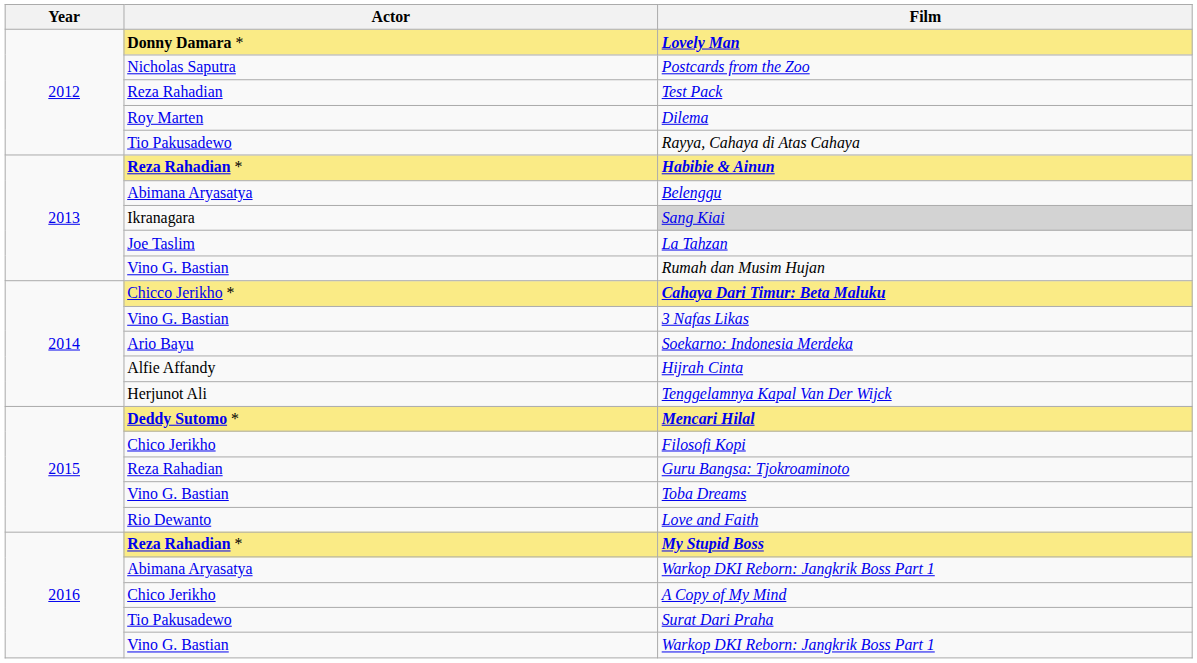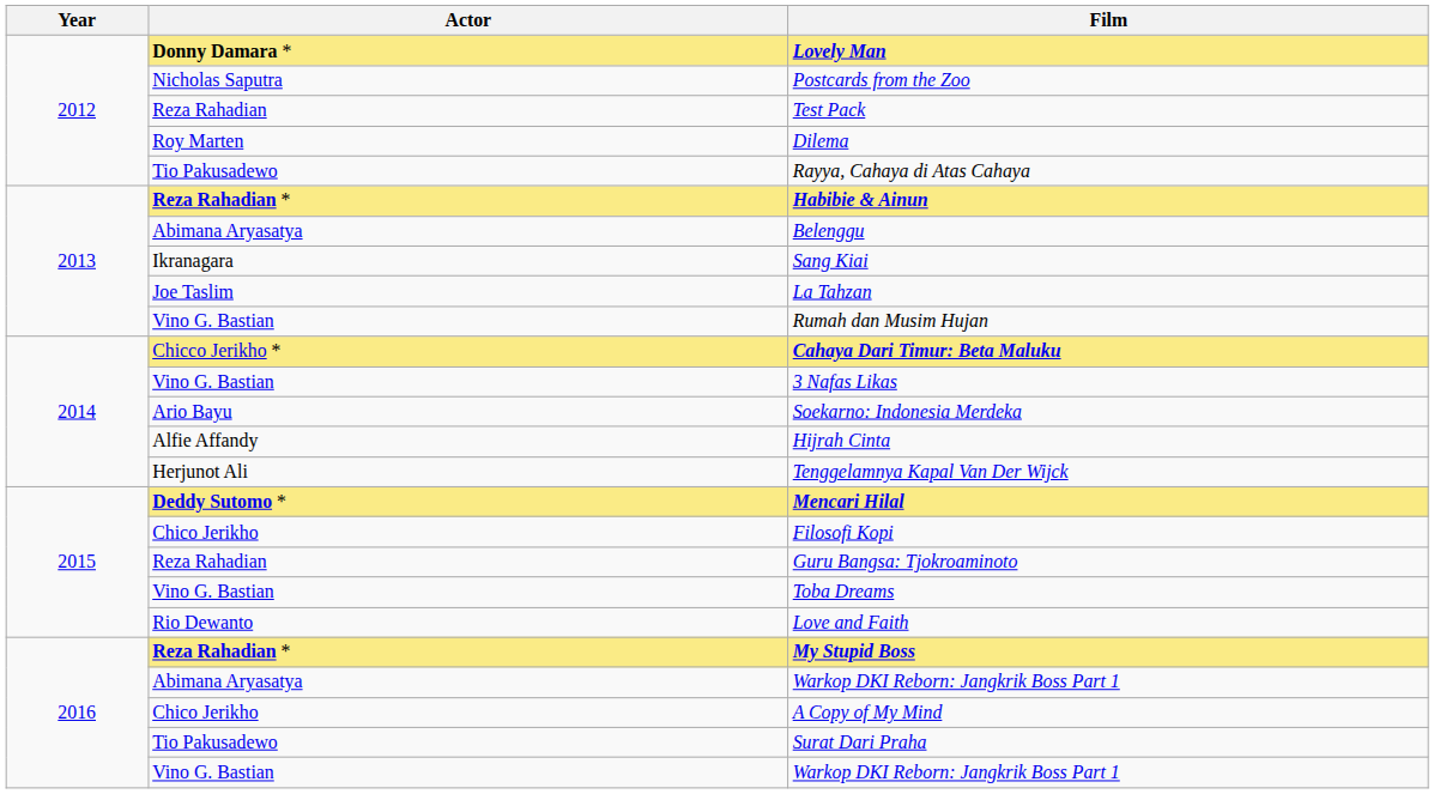 <table class="wikitable" style="width:95%; margin:auto;">
 <tr>
 <th style="width:10%;">Year</th>
 <th style="width:45%;">Actor</th>
 <th style="width:45%;">Film</th>
 </tr>
 <tr>
 <td rowspan="5" style="text-align:center;"><a href='#'>2012</a></td>
 <td style="background:#FAEB86; text-align:left;"><strong>Donny Damara</strong> *</td>
 <td style="background:#FAEB86;"><strong><em><a href='#'>Lovely Man</a></em></strong></td>
 </tr>
 <tr>
 <td style="text-align:left;"><a href='#'>Nicholas Saputra</a></td>
 <td><em><a href='#'>Postcards from the Zoo</a></em></td>
 </tr>
 <tr>
 <td style="text-align:left;"><a href='#'>Reza Rahadian</a></td>
 <td><em><a href='#'>Test Pack</a></em></td>
 </tr>
 <tr>
 <td style="text-align:left;"><a href='#'>Roy Marten</a></td>
 <td><em><a href='#'>Dilema</a></em></td>
 </tr>
 <tr>
 <td style="text-align:left;"><a href='#'>Tio Pakusadewo</a></td>
 <td><em>Rayya, Cahaya di Atas Cahaya</em></td>
 </tr>
 <tr>
 <td rowspan="5" style="text-align:center;"><a href='#'>2013</a></td>
 <td style="background:#FAEB86; text-align:left;"><strong><a href='#'>Reza Rahadian</a></strong> *</td>
 <td style="background:#FAEB86;"><strong><em><a href='#'>Habibie & Ainun</a></em></strong></td>
 </tr>
 <tr>
 <td style="text-align:left;"><a href='#'>Abimana Aryasatya</a></td>
 <td><em><a href='#'>Belenggu</a></em></td>
 </tr>
 <tr>
 <td style="text-align:left;">Ikranagara</td>
-<td style="background: lightgrey;"><em><a href='#'>Sang Kiai</a></em></td>
+<td><em><a href='#'>Sang Kiai</a></em></td>
 </tr>
 <tr>
 <td style="text-align:left;"><a href='#'>Joe Taslim</a></td>
 <td><em><a href='#'>La Tahzan</a></em></td>
 </tr>
 <tr>
 <td style="text-align:left;"><a href='#'>Vino G. Bastian</a></td>
 <td><em>Rumah dan Musim Hujan</em></td>
 </tr>
 <tr>
 <td rowspan="5" style="text-align:center;"><a href='#'>2014</a></td>
 <td style="background:#FAEB86; text-align:left;"><a href='#'>Chicco Jerikho</a> *</td>
 <td style="background:#FAEB86;"><strong><em><a href='#'>Cahaya Dari Timur: Beta Maluku</a></em></strong></td>
 </tr>
 <tr>
 <td style="text-align:left;"><a href='#'>Vino G. Bastian</a></td>
 <td><em><a href='#'>3 Nafas Likas</a></em></td>
 </tr>
 <tr>
 <td style="text-align:left;"><a href='#'>Ario Bayu</a></td>
 <td><em><a href='#'>Soekarno: Indonesia Merdeka</a></em></td>
 </tr>
 <tr>
 <td style="text-align:left;">Alfie Affandy</td>
 <td><em><a href='#'>Hijrah Cinta</a></em></td>
 </tr>
 <tr>
 <td style="text-align:left;">Herjunot Ali</td>
 <td><em><a href='#'>Tenggelamnya Kapal Van Der Wijck</a></em></td>
 </tr>
 <tr>
 <td rowspan="5" style="text-align:center;"><a href='#'>2015</a></td>
 <td style="background:#FAEB86; text-align:left;"><strong><a href='#'>Deddy Sutomo</a></strong> *</td>
 <td style="background:#FAEB86;"><strong><em><a href='#'>Mencari Hilal</a></em></strong></td>
 </tr>
 <tr>
 <td style="text-align:left;"><a href='#'>Chico Jerikho</a></td>
 <td><em><a href='#'>Filosofi Kopi</a></em></td>
 </tr>
 <tr>
 <td style="text-align:left;"><a href='#'>Reza Rahadian</a></td>
 <td><em><a href='#'>Guru Bangsa: Tjokroaminoto</a></em></td>
 </tr>
 <tr>
 <td style="text-align:left;"><a href='#'>Vino G. Bastian</a></td>
 <td><em><a href='#'>Toba Dreams</a></em></td>
 </tr>
 <tr>
 <td style="text-align:left;"><a href='#'>Rio Dewanto</a></td>
 <td><em><a href='#'>Love and Faith</a></em></td>
 </tr>
 <tr>
 <td rowspan="5" style="text-align:center;"><a href='#'>2016</a></td>
 <td style="background:#FAEB86; text-align:left;"><strong><a href='#'>Reza Rahadian</a></strong> *</td>
 <td style="background:#FAEB86;"><strong><em><a href='#'>My Stupid Boss</a></em></strong></td>
 </tr>
 <tr>
 <td style="text-align:left;"><a href='#'>Abimana Aryasatya</a></td>
 <td><em><a href='#'>Warkop DKI Reborn: Jangkrik Boss Part 1</a></em></td>
 </tr>
 <tr>
 <td style="text-align:left;"><a href='#'>Chico Jerikho</a></td>
 <td><em><a href='#'>A Copy of My Mind</a></em></td>
 </tr>
 <tr>
 <td style="text-align:left;"><a href='#'>Tio Pakusadewo</a></td>
 <td><em><a href='#'>Surat Dari Praha</a></em></td>
 </tr>
 <tr>
 <td style="text-align:left;"><a href='#'>Vino G. Bastian</a></td>
 <td><em><a href='#'>Warkop DKI Reborn: Jangkrik Boss Part 1</a></em></td>
 </tr>
 </table>
